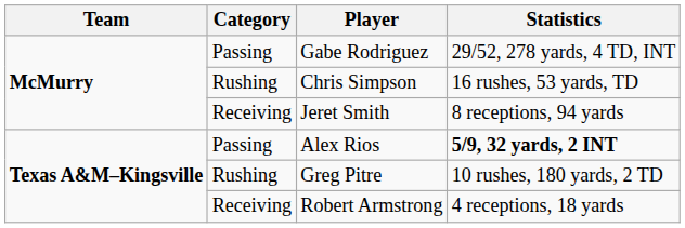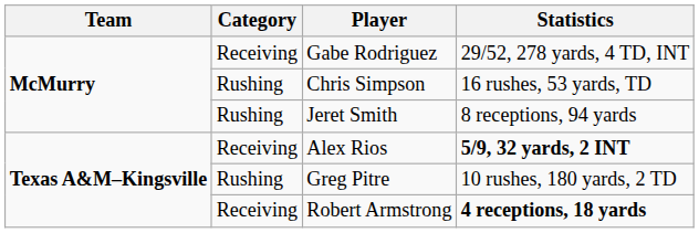 <table class="wikitable" style="float: left;">
 <tr>
 <th>Team</th>
 <th>Category</th>
 <th>Player</th>
 <th>Statistics</th>
 </tr>
 <tr>
 <td rowspan=3><strong>McMurry</strong></td>
-<td>Passing</td>
+<td>Receiving</td>
 <td>Gabe Rodriguez</td>
 <td>29/52, 278 yards, 4 TD, INT</td>
 </tr>
 <tr>
 <td>Rushing</td>
 <td>Chris Simpson</td>
 <td>16 rushes, 53 yards, TD</td>
 </tr>
 <tr>
-<td>Receiving</td>
+<td>Rushing</td>
 <td>Jeret Smith</td>
 <td>8 receptions, 94 yards</td>
 </tr>
 <tr>
 <td rowspan=3><strong>Texas A&M–Kingsville</strong></td>
-<td>Passing</td>
+<td>Receiving</td>
 <td>Alex Rios</td>
 <td><strong>5/9, 32 yards, 2 INT</strong></td>
 </tr>
 <tr>
 <td>Rushing</td>
 <td>Greg Pitre</td>
 <td>10 rushes, 180 yards, 2 TD</td>
 </tr>
 <tr>
 <td>Receiving</td>
 <td>Robert Armstrong</td>
-<td>4 receptions, 18 yards</td>
+<td><strong>4 receptions, 18 yards</strong></td>
 </tr>
 </table>
